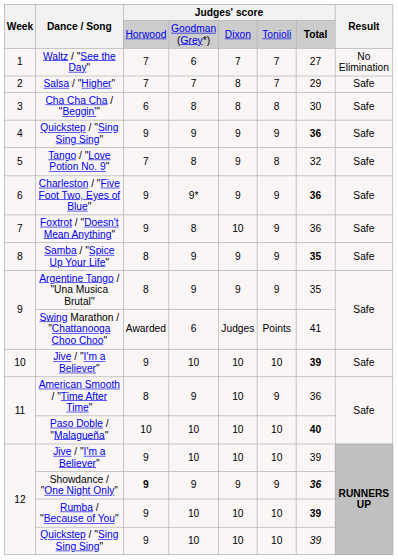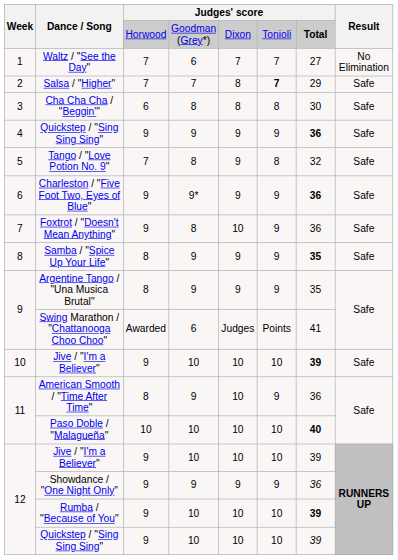 <table class="wikitable collapsible collapsed">
 <tr style="text-align:Center; background:#ccc;">
 <th rowspan="2">Week</th>
 <th rowspan="2">Dance / Song</th>
 <th colspan="5">Judges' score</th>
 <th rowspan="2">Result</th>
 </tr>
 <tr style="text-align:center; background:#ccc;">
 <td style="width:10%; "><a href='#'>Horwood</a></td>
 <td style="width:10%; "><a href='#'>Goodman</a><br>(<a href='#'>Grey</a>*)</td>
 <td style="width:10%; "><a href='#'>Dixon</a></td>
 <td style="width:10%; "><a href='#'>Tonioli</a></td>
 <td style="width:10%; "><strong>Total</strong></td>
 </tr>
 <tr style="text-align: center; background:#faf6f6;">
 <td>1</td>
 <td><a href='#'>Waltz</a> / "<a href='#'>See the Day</a>"</td>
 <td>7</td>
 <td>6</td>
 <td>7</td>
 <td>7</td>
 <td>27</td>
 <td>No Elimination</td>
 </tr>
 <tr style="text-align: center; background:#faf6f6;">
 <td>2</td>
 <td><a href='#'>Salsa</a> / "<a href='#'>Higher</a>"</td>
 <td>7</td>
 <td>7</td>
 <td>8</td>
-<td>7</td>
+<td><strong>7</strong></td>
 <td>29</td>
 <td>Safe</td>
 </tr>
 <tr style="text-align: center; background:#faf6f6;">
 <td>3</td>
 <td><a href='#'>Cha Cha Cha</a> / "<a href='#'>Beggin'</a>"</td>
 <td>6</td>
 <td>8</td>
 <td>8</td>
 <td>8</td>
 <td>30</td>
 <td>Safe</td>
 </tr>
 <tr style="text-align: center; background:#faf6f6;">
 <td>4</td>
 <td><a href='#'>Quickstep</a> / "<a href='#'>Sing Sing Sing</a>"</td>
 <td>9</td>
 <td>9</td>
 <td>9</td>
 <td>9</td>
 <td><span><strong>36</strong></span></td>
 <td>Safe</td>
 </tr>
 <tr style="text-align: center; background:#faf6f6;">
 <td>5</td>
 <td><a href='#'>Tango</a> / "<a href='#'>Love Potion No. 9</a>"</td>
 <td>7</td>
 <td>8</td>
 <td>9</td>
 <td>8</td>
 <td>32</td>
 <td>Safe</td>
 </tr>
 <tr style="text-align: center; background:#faf6f6;">
 <td>6</td>
 <td><a href='#'>Charleston</a> / "<a href='#'>Five Foot Two, Eyes of Blue</a>"</td>
 <td>9</td>
 <td>9*</td>
 <td>9</td>
 <td>9</td>
 <td><span><strong>36</strong></span></td>
 <td>Safe</td>
 </tr>
 <tr style="text-align: center; background:#faf6f6;">
 <td>7</td>
 <td><a href='#'>Foxtrot</a> / "<a href='#'>Doesn't Mean Anything</a>"</td>
 <td>9</td>
 <td>8</td>
 <td>10</td>
 <td>9</td>
 <td>36</td>
 <td>Safe</td>
 </tr>
 <tr style="text-align: center; background:#faf6f6;">
 <td>8</td>
 <td><a href='#'>Samba</a> / "<a href='#'>Spice Up Your Life</a>"</td>
 <td>8</td>
 <td>9</td>
 <td>9</td>
 <td>9</td>
 <td><span><strong>35</strong></span></td>
 <td>Safe</td>
 </tr>
 <tr style="text-align: center; background:#faf6f6;">
 <td rowspan="2">9</td>
 <td><a href='#'>Argentine Tango</a> / "Una Musica Brutal"</td>
 <td>8</td>
 <td>9</td>
 <td>9</td>
 <td>9</td>
 <td>35</td>
 <td rowspan="2">Safe</td>
 </tr>
 <tr style="text-align: center; background:#faf6f6;">
 <td><a href='#'>Swing</a> Marathon / "<a href='#'>Chattanooga Choo Choo</a>"</td>
 <td>Awarded</td>
 <td>6</td>
 <td>Judges</td>
 <td>Points</td>
 <td>41</td>
 </tr>
 <tr style="text-align: center; background:#faf6f6;">
 <td>10</td>
 <td><a href='#'>Jive</a> / "<a href='#'>I'm a Believer</a>"</td>
 <td>9</td>
 <td>10</td>
 <td>10</td>
 <td>10</td>
 <td><span><strong>39</strong></span></td>
 <td>Safe</td>
 </tr>
 <tr style="text-align: center; background:#faf6f6;">
 <td rowspan="2">11</td>
 <td><a href='#'>American Smooth</a> / "<a href='#'>Time After Time</a>"</td>
 <td>8</td>
 <td>9</td>
 <td>10</td>
 <td>9</td>
 <td>36</td>
 <td rowspan="2">Safe</td>
 </tr>
 <tr style="text-align: center; background:#faf6f6;">
 <td><a href='#'>Paso Doble</a> / "<a href='#'>Malagueña</a>"</td>
 <td>10</td>
 <td>10</td>
 <td>10</td>
 <td>10</td>
 <td><span><strong>40</strong></span></td>
 </tr>
 <tr style="text-align: center; background:#faf6f6;">
 <td rowspan="4">12</td>
 <td><a href='#'>Jive</a> / "<a href='#'>I'm a Believer</a>"</td>
 <td>9</td>
 <td>10</td>
 <td>10</td>
 <td>10</td>
 <td>39</td>
 <td style="background:silver;" rowspan="4"><strong>RUNNERS UP</strong></td>
 </tr>
 <tr style="text-align: center; background:#faf6f6;">
 <td>Showdance / "<a href='#'>One Night Only</a>"</td>
-<td><strong>9</strong></td>
 <td>9</td>
 <td>9</td>
 <td>9</td>
-<td><strong><span><em>36</em></span></strong></td>
+<td>9</td>
+<td><span><em>36</em></span></td>
 </tr>
 <tr style="text-align: center; background:#faf6f6;">
 <td><a href='#'>Rumba</a> / "<a href='#'>Because of You</a>"</td>
 <td>9</td>
 <td>10</td>
 <td>10</td>
 <td>10</td>
 <td><span><strong>39</strong></span></td>
 </tr>
 <tr style="text-align: center; background:#faf6f6;">
 <td><a href='#'>Quickstep</a> / "<a href='#'>Sing Sing Sing</a>"</td>
 <td>9</td>
 <td>10</td>
 <td>10</td>
 <td>10</td>
 <td><span><em>39</em></span></td>
 </tr>
 </table>
